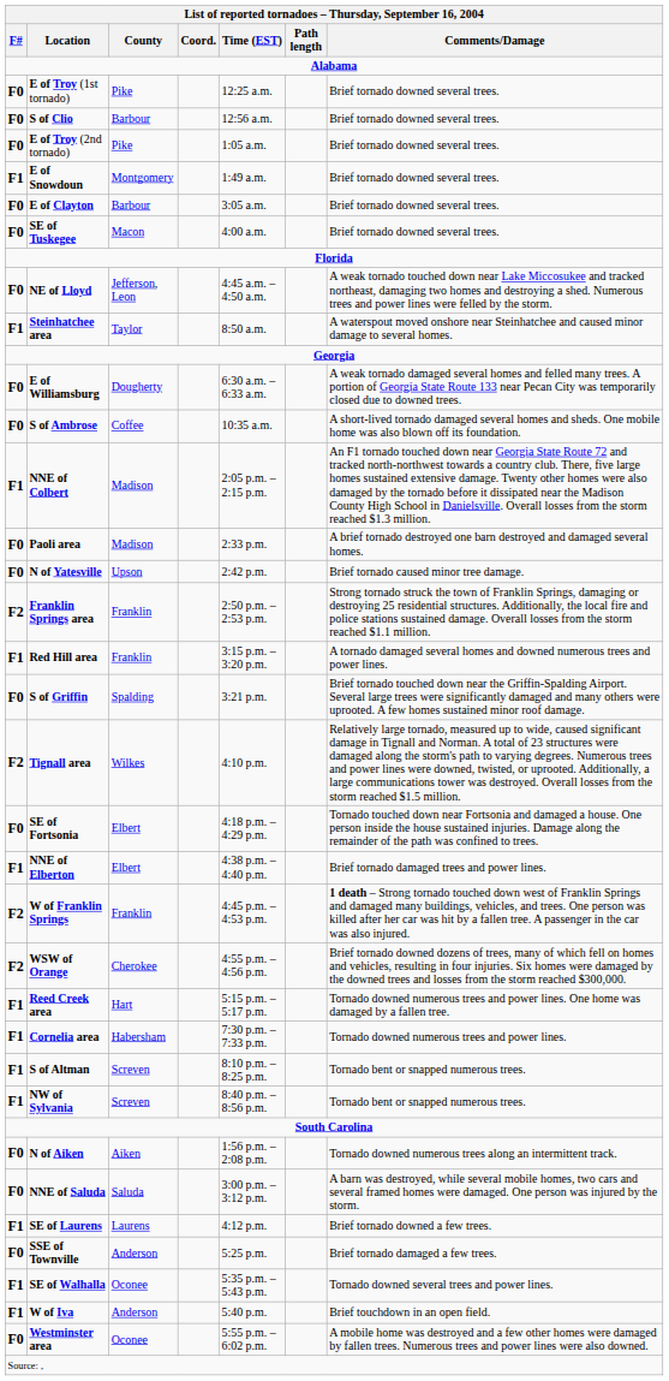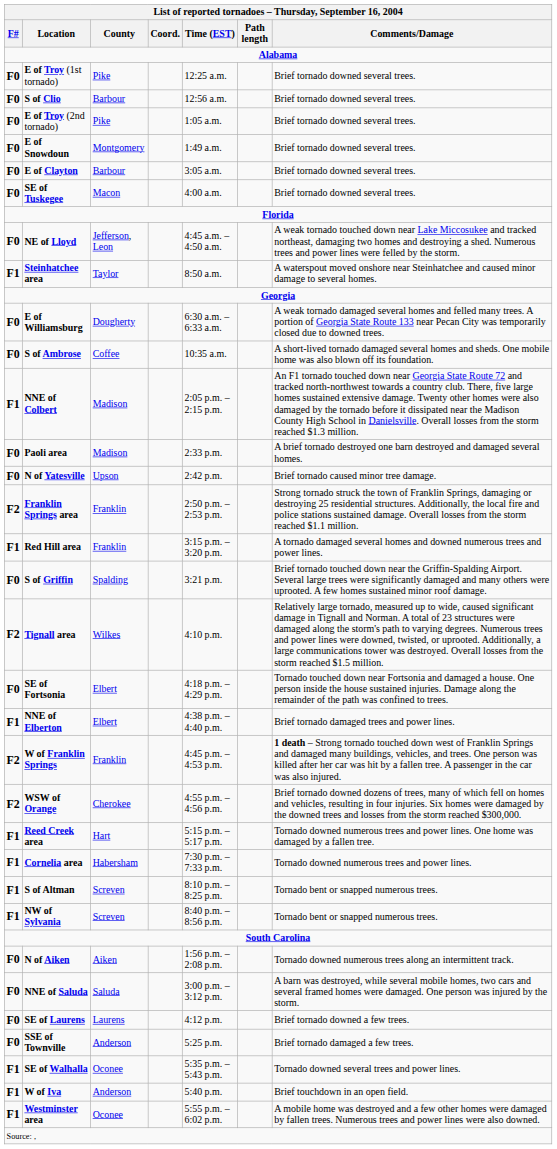 <table class="wikitable collapsible" style="width:100%;">
 <tr>
 <th colspan="7">List of reported tornadoes – Thursday, September 16, 2004</th>
 </tr>
 <tr>
 <th><a href='#'>F#</a></th>
 <th>Location</th>
 <th>County</th>
 <th>Coord.</th>
 <th>Time (<a href='#'>EST</a>)</th>
 <th>Path length</th>
 <th>Comments/Damage</th>
 </tr>
 <tr>
 <td colspan="7" align=center><strong><a href='#'>Alabama</a></strong></td>
 </tr>
 <tr>
 <td><big><strong>F0</strong></big></td>
 <td><strong>E of <a href='#'>Troy</a></strong> (1st tornado)</td>
 <td><a href='#'>Pike</a></td>
 <td></td>
 <td>12:25 a.m.</td>
 <td></td>
 <td>Brief tornado downed several trees.</td>
 </tr>
 <tr>
 <td><big><strong>F0</strong></big></td>
 <td><strong>S of <a href='#'>Clio</a></strong></td>
 <td><a href='#'>Barbour</a></td>
 <td></td>
 <td>12:56 a.m.</td>
 <td></td>
 <td>Brief tornado downed several trees.</td>
 </tr>
 <tr>
 <td><big><strong>F0</strong></big></td>
 <td><strong>E of <a href='#'>Troy</a></strong> (2nd tornado)</td>
 <td><a href='#'>Pike</a></td>
 <td></td>
 <td>1:05 a.m.</td>
 <td></td>
 <td>Brief tornado downed several trees.</td>
 </tr>
 <tr>
-<td><big><strong>F1</strong></big></td>
+<td><big><strong>F0</strong></big></td>
 <td><strong>E of Snowdoun</strong></td>
 <td><a href='#'>Montgomery</a></td>
 <td></td>
 <td>1:49 a.m.</td>
 <td></td>
 <td>Brief tornado downed several trees.</td>
 </tr>
 <tr>
 <td><big><strong>F0</strong></big></td>
 <td><strong>E of <a href='#'>Clayton</a></strong></td>
 <td><a href='#'>Barbour</a></td>
 <td></td>
 <td>3:05 a.m.</td>
 <td></td>
 <td>Brief tornado downed several trees.</td>
 </tr>
 <tr>
 <td><big><strong>F0</strong></big></td>
 <td><strong>SE of <a href='#'>Tuskegee</a></strong></td>
 <td><a href='#'>Macon</a></td>
 <td></td>
 <td>4:00 a.m.</td>
 <td></td>
 <td>Brief tornado downed several trees.</td>
 </tr>
 <tr>
 <td colspan="7" align=center><strong><a href='#'>Florida</a></strong></td>
 </tr>
 <tr>
 <td><big><strong>F0</strong></big></td>
 <td><strong>NE of <a href='#'>Lloyd</a></strong></td>
 <td><a href='#'>Jefferson</a>, <a href='#'>Leon</a></td>
 <td></td>
 <td>4:45 a.m. – 4:50 a.m.</td>
 <td></td>
 <td>A weak tornado touched down near <a href='#'>Lake Miccosukee</a> and tracked northeast, damaging two homes and destroying a shed. Numerous trees and power lines were felled by the storm.</td>
 </tr>
 <tr>
 <td><big><strong>F1</strong></big></td>
 <td><strong><a href='#'>Steinhatchee</a> area</strong></td>
 <td><a href='#'>Taylor</a></td>
 <td></td>
 <td>8:50 a.m.</td>
 <td></td>
 <td>A waterspout moved onshore near Steinhatchee and caused minor damage to several homes.</td>
 </tr>
 <tr>
 <td colspan="7" align=center><strong><a href='#'>Georgia</a></strong></td>
 </tr>
 <tr>
 <td><big><strong>F0</strong></big></td>
 <td><strong>E of Williamsburg</strong></td>
 <td><a href='#'>Dougherty</a></td>
 <td></td>
 <td>6:30 a.m. – 6:33 a.m.</td>
 <td></td>
 <td>A weak tornado damaged several homes and felled many trees. A portion of <a href='#'>Georgia State Route 133</a> near Pecan City was temporarily closed due to downed trees.</td>
 </tr>
 <tr>
 <td><big><strong>F0</strong></big></td>
 <td><strong>S of <a href='#'>Ambrose</a></strong></td>
 <td><a href='#'>Coffee</a></td>
 <td></td>
 <td>10:35 a.m.</td>
 <td></td>
 <td>A short-lived tornado damaged several homes and sheds. One mobile home was also blown off its foundation.</td>
 </tr>
 <tr>
 <td><big><strong>F1</strong></big></td>
 <td><strong>NNE of <a href='#'>Colbert</a></strong></td>
 <td><a href='#'>Madison</a></td>
 <td></td>
 <td>2:05 p.m. – 2:15 p.m.</td>
 <td></td>
 <td>An F1 tornado touched down near <a href='#'>Georgia State Route 72</a> and tracked north-northwest towards a country club. There, five large homes sustained extensive damage. Twenty other homes were also damaged by the tornado before it dissipated near the Madison County High School in <a href='#'>Danielsville</a>. Overall losses from the storm reached $1.3 million.</td>
 </tr>
 <tr>
 <td><big><strong>F0</strong></big></td>
 <td><strong>Paoli area</strong></td>
 <td><a href='#'>Madison</a></td>
 <td></td>
 <td>2:33 p.m.</td>
 <td></td>
 <td>A brief tornado destroyed one barn destroyed and damaged several homes.</td>
 </tr>
 <tr>
 <td><big><strong>F0</strong></big></td>
 <td><strong>N of <a href='#'>Yatesville</a></strong></td>
 <td><a href='#'>Upson</a></td>
 <td></td>
 <td>2:42 p.m.</td>
 <td></td>
 <td>Brief tornado caused minor tree damage.</td>
 </tr>
 <tr>
 <td><big><strong>F2</strong></big></td>
 <td><strong><a href='#'>Franklin Springs</a> area</strong></td>
 <td><a href='#'>Franklin</a></td>
 <td></td>
 <td>2:50 p.m. – 2:53 p.m.</td>
 <td></td>
 <td>Strong tornado struck the town of Franklin Springs, damaging or destroying 25 residential structures. Additionally, the local fire and police stations sustained damage. Overall losses from the storm reached $1.1 million.</td>
 </tr>
 <tr>
 <td><big><strong>F1</strong></big></td>
 <td><strong>Red Hill area</strong></td>
 <td><a href='#'>Franklin</a></td>
 <td></td>
 <td>3:15 p.m. – 3:20 p.m.</td>
 <td></td>
 <td>A tornado damaged several homes and downed numerous trees and power lines.</td>
 </tr>
 <tr>
 <td><big><strong>F0</strong></big></td>
 <td><strong>S of <a href='#'>Griffin</a></strong></td>
 <td><a href='#'>Spalding</a></td>
 <td></td>
 <td>3:21 p.m.</td>
 <td></td>
 <td>Brief tornado touched down near the Griffin-Spalding Airport. Several large trees were significantly damaged and many others were uprooted. A few homes sustained minor roof damage.</td>
 </tr>
 <tr>
 <td><big><strong>F2</strong></big></td>
 <td><strong><a href='#'>Tignall</a> area</strong></td>
 <td><a href='#'>Wilkes</a></td>
 <td></td>
 <td>4:10 p.m.</td>
 <td></td>
 <td>Relatively large tornado, measured up to  wide, caused significant damage in Tignall and Norman. A total of 23 structures were damaged along the storm's path to varying degrees. Numerous trees and power lines were downed, twisted, or uprooted. Additionally, a large communications tower was destroyed. Overall losses from the storm reached $1.5 million.</td>
 </tr>
 <tr>
 <td><big><strong>F0</strong></big></td>
 <td><strong>SE of Fortsonia</strong></td>
 <td><a href='#'>Elbert</a></td>
 <td></td>
 <td>4:18 p.m. – 4:29 p.m.</td>
 <td></td>
 <td>Tornado touched down near Fortsonia and damaged a house. One person inside the house sustained injuries. Damage along the remainder of the path was confined to trees.</td>
 </tr>
 <tr>
 <td><big><strong>F1</strong></big></td>
 <td><strong>NNE of <a href='#'>Elberton</a></strong></td>
 <td><a href='#'>Elbert</a></td>
 <td></td>
 <td>4:38 p.m. – 4:40 p.m.</td>
 <td></td>
 <td>Brief tornado damaged trees and power lines.</td>
 </tr>
 <tr>
 <td><big><strong>F2</strong></big></td>
 <td><strong>W of <a href='#'>Franklin Springs</a></strong></td>
 <td><a href='#'>Franklin</a></td>
 <td></td>
 <td>4:45 p.m. – 4:53 p.m.</td>
 <td></td>
 <td><strong>1 death</strong> – Strong tornado touched down west of Franklin Springs and damaged many buildings, vehicles, and trees. One person was killed after her car was hit by a fallen tree. A passenger in the car was also injured.</td>
 </tr>
 <tr>
 <td><big><strong>F2</strong></big></td>
 <td><strong>WSW of <a href='#'>Orange</a></strong></td>
 <td><a href='#'>Cherokee</a></td>
 <td></td>
 <td>4:55 p.m. – 4:56 p.m.</td>
 <td></td>
 <td>Brief tornado downed dozens of trees, many of which fell on homes and vehicles, resulting in four injuries. Six homes were damaged by the downed trees and losses from the storm reached $300,000.</td>
 </tr>
 <tr>
 <td><big><strong>F1</strong></big></td>
 <td><strong><a href='#'>Reed Creek</a> area</strong></td>
 <td><a href='#'>Hart</a></td>
 <td></td>
 <td>5:15 p.m. – 5:17 p.m.</td>
 <td></td>
 <td>Tornado downed numerous trees and power lines. One home was damaged by a fallen tree.</td>
 </tr>
 <tr>
 <td><big><strong>F1</strong></big></td>
 <td><strong><a href='#'>Cornelia</a> area</strong></td>
 <td><a href='#'>Habersham</a></td>
 <td></td>
 <td>7:30 p.m. – 7:33 p.m.</td>
 <td></td>
 <td>Tornado downed numerous trees and power lines.</td>
 </tr>
 <tr>
 <td><big><strong>F1</strong></big></td>
 <td><strong>S of Altman</strong></td>
 <td><a href='#'>Screven</a></td>
 <td></td>
 <td>8:10 p.m. – 8:25 p.m.</td>
 <td></td>
 <td>Tornado bent or snapped numerous trees.</td>
 </tr>
 <tr>
 <td><big><strong>F1</strong></big></td>
 <td><strong>NW of <a href='#'>Sylvania</a></strong></td>
 <td><a href='#'>Screven</a></td>
 <td></td>
 <td>8:40 p.m. – 8:56 p.m.</td>
 <td></td>
 <td>Tornado bent or snapped numerous trees.</td>
 </tr>
 <tr>
 <td colspan="7" align=center><strong><a href='#'>South Carolina</a></strong></td>
 </tr>
 <tr>
 <td><big><strong>F0</strong></big></td>
 <td><strong>N of <a href='#'>Aiken</a></strong></td>
 <td><a href='#'>Aiken</a></td>
 <td></td>
 <td>1:56 p.m. – 2:08 p.m.</td>
 <td></td>
 <td>Tornado downed numerous trees along an intermittent track.</td>
 </tr>
 <tr>
 <td><big><strong>F0</strong></big></td>
 <td><strong>NNE of <a href='#'>Saluda</a></strong></td>
 <td><a href='#'>Saluda</a></td>
 <td></td>
 <td>3:00 p.m. – 3:12 p.m.</td>
 <td></td>
 <td>A barn was destroyed, while several mobile homes, two cars and several framed homes were damaged. One person was injured by the storm.</td>
 </tr>
 <tr>
-<td><big><strong>F1</strong></big></td>
+<td><big><strong>F0</strong></big></td>
 <td><strong>SE of <a href='#'>Laurens</a></strong></td>
 <td><a href='#'>Laurens</a></td>
 <td></td>
 <td>4:12 p.m.</td>
 <td></td>
 <td>Brief tornado downed a few trees.</td>
 </tr>
 <tr>
 <td><big><strong>F0</strong></big></td>
 <td><strong>SSE of Townville</strong></td>
 <td><a href='#'>Anderson</a></td>
 <td></td>
 <td>5:25 p.m.</td>
 <td></td>
 <td>Brief tornado damaged a few trees.</td>
 </tr>
 <tr>
 <td><big><strong>F1</strong></big></td>
 <td><strong>SE of <a href='#'>Walhalla</a></strong></td>
 <td><a href='#'>Oconee</a></td>
 <td></td>
 <td>5:35 p.m. – 5:43 p.m.</td>
 <td></td>
 <td>Tornado downed several trees and power lines.</td>
 </tr>
 <tr>
 <td><big><strong>F1</strong></big></td>
 <td><strong>W of <a href='#'>Iva</a></strong></td>
 <td><a href='#'>Anderson</a></td>
 <td></td>
 <td>5:40 p.m.</td>
 <td></td>
 <td>Brief touchdown in an open field.</td>
 </tr>
 <tr>
-<td><big><strong>F0</strong></big></td>
+<td><big><strong>F1</strong></big></td>
 <td><strong><a href='#'>Westminster</a> area</strong></td>
 <td><a href='#'>Oconee</a></td>
 <td></td>
 <td>5:55 p.m. – 6:02 p.m.</td>
 <td></td>
 <td>A mobile home was destroyed and a few other homes were damaged by fallen trees. Numerous trees and power lines were also downed.</td>
 </tr>
 <tr>
 <td colspan="7"><small>Source: , </small></td>
 </tr>
 </table>
